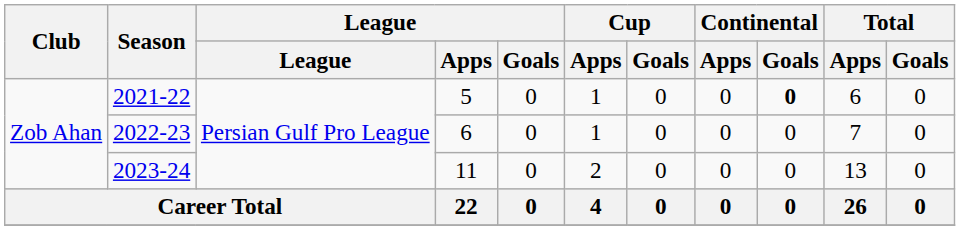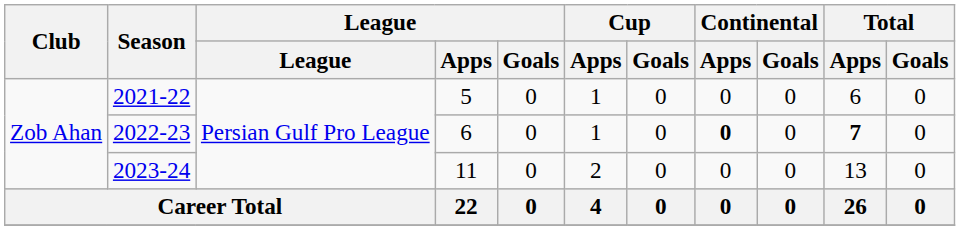 <table class="wikitable" style="text-align: center;">
 <tr>
 <th rowspan=2>Club</th>
 <th rowspan=2>Season</th>
 <th colspan=3>League</th>
 <th colspan=2>Cup</th>
 <th colspan=2>Continental</th>
 <th colspan=2>Total</th>
 </tr>
 <tr>
 <th>League</th>
 <th>Apps</th>
 <th>Goals</th>
 <th>Apps</th>
 <th>Goals</th>
 <th>Apps</th>
 <th>Goals</th>
 <th>Apps</th>
 <th>Goals</th>
 </tr>
 <tr>
 <td rowspan="3"><a href='#'>Zob Ahan</a></td>
 <td><a href='#'>2021-22</a></td>
 <td rowspan="3"><a href='#'>Persian Gulf Pro League</a></td>
 <td>5</td>
 <td>0</td>
 <td>1</td>
 <td>0</td>
 <td>0</td>
-<td><strong>0</strong></td>
+<td>0</td>
 <td>6</td>
 <td>0</td>
 </tr>
 <tr>
 <td><a href='#'>2022-23</a></td>
 <td>6</td>
 <td>0</td>
 <td>1</td>
 <td>0</td>
+<td><strong>0</strong></td>
 <td>0</td>
-<td>0</td>
-<td>7</td>
+<td><strong>7</strong></td>
 <td>0</td>
 </tr>
 <tr>
 <td><a href='#'>2023-24</a></td>
 <td>11</td>
 <td>0</td>
 <td>2</td>
 <td>0</td>
 <td>0</td>
 <td>0</td>
 <td>13</td>
 <td>0</td>
 </tr>
 <tr>
 <th colspan=3>Career Total</th>
 <th>22</th>
 <th>0</th>
 <th>4</th>
 <th>0</th>
 <th>0</th>
 <th>0</th>
 <th>26</th>
 <th>0</th>
 </tr>
 <tr>
 </tr>
 </table>
